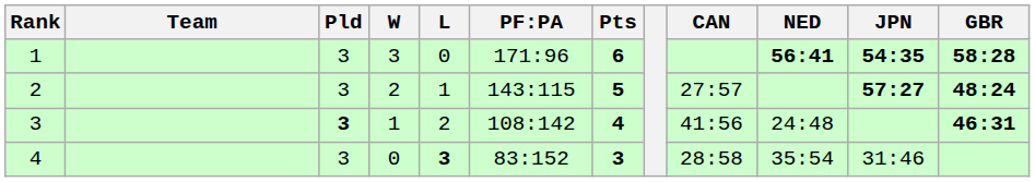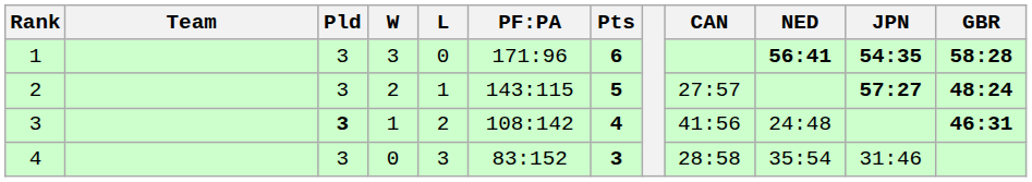 <table class="wikitable" style="text-align:center">
 <tr>
 <th width=25>Rank</th>
 <th width=150>Team</th>
 <th width=25>Pld</th>
 <th width=25>W</th>
 <th width=25>L</th>
 <th width=70>PF:PA</th>
 <th width=25>Pts</th>
 <th rowspan="5"> </th>
 <th width=50>CAN</th>
 <th width=50>NED</th>
 <th width=50>JPN</th>
 <th width=50>GBR</th>
 </tr>
 <tr style="background:#ccffcc;">
 <td>1</td>
 <td style="text-align:left"></td>
 <td>3</td>
 <td>3</td>
 <td>0</td>
 <td>171:96</td>
 <td><strong>6</strong></td>
 <td></td>
 <td><strong>56:41</strong></td>
 <td><strong>54:35</strong></td>
 <td><strong>58:28</strong></td>
 </tr>
 <tr style="background:#ccffcc;">
 <td>2</td>
 <td style="text-align:left"></td>
 <td>3</td>
 <td>2</td>
 <td>1</td>
 <td>143:115</td>
 <td><strong>5</strong></td>
 <td>27:57</td>
 <td></td>
 <td><strong>57:27</strong></td>
 <td><strong>48:24</strong></td>
 </tr>
 <tr style="background:#ccffcc;">
 <td>3</td>
 <td style="text-align:left"></td>
 <td><strong>3</strong></td>
 <td>1</td>
 <td>2</td>
 <td>108:142</td>
 <td><strong>4</strong></td>
 <td>41:56</td>
 <td>24:48</td>
 <td></td>
 <td><strong>46:31</strong></td>
 </tr>
 <tr style="background:#ccffcc;">
 <td>4</td>
 <td style="text-align:left"></td>
 <td>3</td>
 <td>0</td>
-<td><strong>3</strong></td>
+<td>3</td>
 <td>83:152</td>
 <td><strong>3</strong></td>
 <td>28:58</td>
 <td>35:54</td>
 <td>31:46</td>
 <td></td>
 </tr>
 </table>
